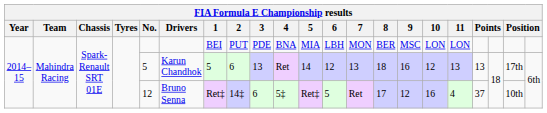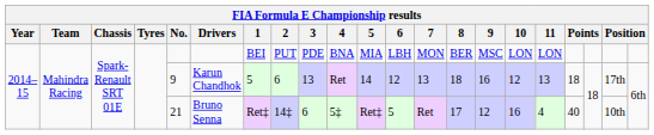 <table class="wikitable" style="font-size:85%; width:700px">
 <tr>
 <th colspan=21><a href='#'>FIA Formula E Championship</a> results</th>
 </tr>
 <tr valign="top">
 <th valign=middle>Year</th>
 <th valign=middle>Team</th>
 <th valign=middle>Chassis</th>
 <th valign=middle>Tyres</th>
 <th valign=middle>No.</th>
 <th valign=middle>Drivers</th>
 <th>1</th>
 <th>2</th>
 <th>3</th>
 <th>4</th>
 <th>5</th>
 <th>6</th>
 <th>7</th>
 <th>8</th>
 <th>9</th>
 <th>10</th>
 <th>11</th>
 <th valign=middle colspan=2>Points</th>
 <th valign=middle colspan=2>Position</th>
 </tr>
 <tr>
 <td rowspan=3 align="center"><a href='#'>2014–15</a></td>
 <td rowspan=3 align="center"><a href='#'>Mahindra Racing</a></td>
 <td rowspan=3 align="center"><a href='#'>Spark-Renault SRT 01E</a></td>
 <td rowspan=3 align="center"></td>
 <td></td>
 <td></td>
 <td><a href='#'>BEI</a></td>
 <td><a href='#'>PUT</a></td>
 <td><a href='#'>PDE</a></td>
 <td><a href='#'>BNA</a></td>
 <td><a href='#'>MIA</a></td>
 <td><a href='#'>LBH</a></td>
 <td><a href='#'>MON</a></td>
 <td><a href='#'>BER</a></td>
 <td><a href='#'>MSC</a></td>
 <td><a href='#'>LON</a></td>
 <td><a href='#'>LON</a></td>
 <td></td>
 <td></td>
 <td></td>
 <td></td>
 </tr>
 <tr>
-<td>5</td>
+<td>9</td>
 <td align=left> <a href='#'>Karun Chandhok</a></td>
 <td style="background:#DFFFDF;">5</td>
 <td style="background:#DFFFDF;">6</td>
 <td style="background:#CFCFFF;">13</td>
 <td style="background:#EFCFFF;">Ret</td>
 <td style="background:#CFCFFF;">14</td>
 <td style="background:#CFCFFF;">12</td>
 <td style="background:#CFCFFF;">13</td>
 <td style="background:#CFCFFF;">18</td>
 <td style="background:#CFCFFF;">16</td>
 <td style="background:#CFCFFF;">12</td>
 <td style="background:#CFCFFF;">13</td>
-<td>13</td>
+<td>18</td>
 <td rowspan=2 align="center">18</td>
 <td>17th</td>
 <td rowspan=2 align="center">6th</td>
 </tr>
 <tr>
-<td>12</td>
+<td>21</td>
 <td align=left> <a href='#'>Bruno Senna</a></td>
 <td style="background:#EFCFFF;">Ret‡</td>
 <td style="background:#CFCFFF;">14‡</td>
 <td style="background:#DFFFDF;">6</td>
 <td style="background:#DFFFDF;">5‡</td>
 <td style="background:#EFCFFF;">Ret‡</td>
 <td style="background:#DFFFDF;">5</td>
 <td style="background:#EFCFFF;">Ret</td>
 <td style="background:#CFCFFF;">17</td>
 <td style="background:#CFCFFF;">12</td>
 <td style="background:#CFCFFF;">16</td>
 <td style="background:#DFFFDF;">4</td>
-<td>37</td>
+<td>40</td>
 <td>10th</td>
 </tr>
 </table>
